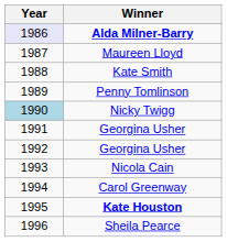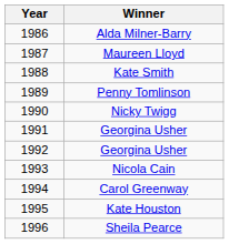 <table class="wikitable" style="text-align:center">
 <tr>
 <th width=70>Year</th>
 <th width=200>Winner</th>
 </tr>
 <tr>
-<td style="background: lavender;">1986</td>
-<td><strong><a href='#'>Alda Milner-Barry</a></strong></td>
+<td>1986</td>
+<td><a href='#'>Alda Milner-Barry</a></td>
 </tr>
 <tr>
 <td>1987</td>
 <td><a href='#'>Maureen Lloyd</a></td>
 </tr>
 <tr>
 <td>1988</td>
 <td><a href='#'>Kate Smith</a></td>
 </tr>
 <tr>
 <td>1989</td>
 <td><a href='#'>Penny Tomlinson</a></td>
 </tr>
 <tr>
-<td style="background: lightblue;">1990</td>
+<td>1990</td>
 <td><a href='#'>Nicky Twigg</a></td>
 </tr>
 <tr>
 <td>1991</td>
 <td><a href='#'>Georgina Usher</a></td>
 </tr>
 <tr>
 <td>1992</td>
 <td><a href='#'>Georgina Usher</a></td>
 </tr>
 <tr>
 <td>1993</td>
 <td><a href='#'>Nicola Cain</a></td>
 </tr>
 <tr>
 <td>1994</td>
 <td><a href='#'>Carol Greenway</a></td>
 </tr>
 <tr>
 <td>1995</td>
-<td><strong><a href='#'>Kate Houston</a></strong></td>
+<td><a href='#'>Kate Houston</a></td>
 </tr>
 <tr>
 <td>1996</td>
 <td><a href='#'>Sheila Pearce</a></td>
 </tr>
 </table>
